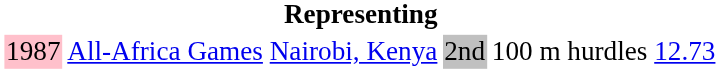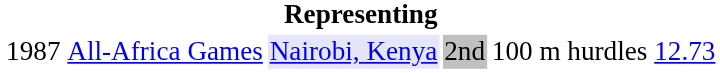 <table>
 <tr>
 <th colspan="6">Representing </th>
 </tr>
 <tr>
-<td style="background: pink;">1987</td>
+<td>1987</td>
 <td><a href='#'>All-Africa Games</a></td>
-<td><a href='#'>Nairobi, Kenya</a></td>
+<td style="background: lavender;"><a href='#'>Nairobi, Kenya</a></td>
 <td bgcolor="silver">2nd</td>
 <td>100 m hurdles</td>
 <td><a href='#'>12.73</a></td>
 </tr>
 </table>
